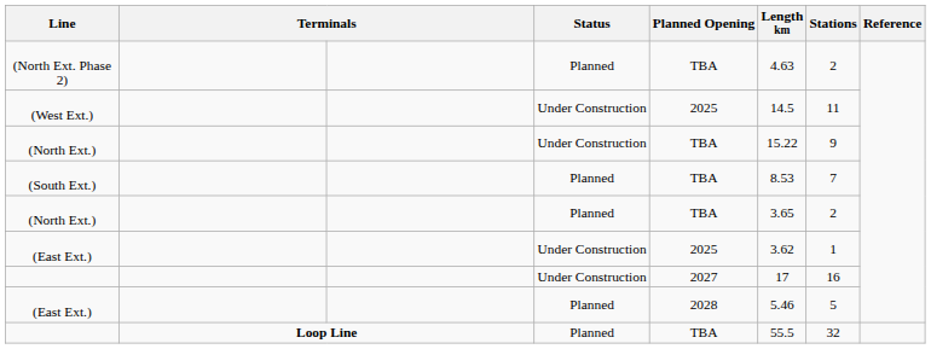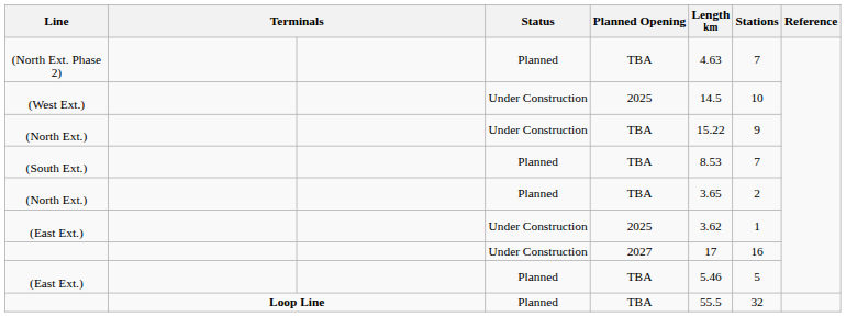 <table class="wikitable sortable" style="cell-padding:1.5; font-size:96%; text-align:center;">
 <tr>
 <th data-sort-type="text" style="width:120px;">Line</th>
 <th colspan="2" class="unsortable" style="width:450px; line-height:1.05">Terminals<br></th>
 <th>Status</th>
 <th>Planned Opening</th>
 <th style="line-height:1.05">Length<br><small>km</small></th>
 <th style="line-height:1.05">Stations</th>
 <th style="line-height:1.05">Reference</th>
 </tr>
 <tr>
 <td style="text-align:center; line-height:1.05"><br>(North Ext. Phase 2)</td>
 <td style="text-align:center; width:225px; line-height:1.05"><strong></strong></td>
 <td style="text-align:center; width:225px; line-height:1.05"><strong></strong></td>
 <td style="text-align:center; line-height:1.05">Planned</td>
 <td style="text-align:center; line-height:1.05">TBA</td>
 <td style="text-align:center; line-height:1.05">4.63</td>
-<td style="text-align:center; line-height:1.05">2</td>
+<td style="text-align:center; line-height:1.05">7</td>
 <td rowspan="8"></td>
 </tr>
 <tr>
 <td style="text-align:center; line-height:1.05"><br>(West Ext.)</td>
 <td style="text-align:center; width:225px; line-height:1.05"><strong></strong></td>
 <td style="text-align:center; width:225px; line-height:1.05"><strong></strong></td>
 <td style="text-align:center; line-height:1.05">Under Construction</td>
 <td style="text-align:center; line-height:1.05">2025</td>
 <td style="text-align:center; line-height:1.05">14.5</td>
-<td style="text-align:center; line-height:1.05">11</td>
+<td style="text-align:center; line-height:1.05">10</td>
 </tr>
 <tr>
 <td style="text-align:center; line-height:1.05"><br>(North Ext.)</td>
 <td style="text-align:center; width:225px; line-height:1.05"><strong></strong></td>
 <td style="text-align:center; width:225px; line-height:1.05"><strong></strong></td>
 <td style="text-align:center; line-height:1.05">Under Construction</td>
 <td style="text-align:center; line-height:1.05">TBA</td>
 <td style="text-align:center; line-height:1.05">15.22</td>
 <td style="text-align:center; line-height:1.05">9</td>
 </tr>
 <tr>
 <td style="text-align:center; line-height:1.05"><br>(South Ext.)</td>
 <td style="text-align:center; width:225px; line-height:1.05"><strong></strong></td>
 <td style="text-align:center; width:225px; line-height:1.05"><strong></strong></td>
 <td style="text-align:center; line-height:1.05">Planned</td>
 <td style="text-align:center; line-height:1.05">TBA</td>
 <td style="text-align:center; line-height:1.05">8.53</td>
 <td style="text-align:center; line-height:1.05">7</td>
 </tr>
 <tr>
 <td style="text-align:center; line-height:1.05"><br>(North Ext.)</td>
 <td style="text-align:center; width:225px; line-height:1.05"><strong></strong></td>
 <td style="text-align:center; width:225px; line-height:1.05"><strong></strong></td>
 <td style="text-align:center; line-height:1.05">Planned</td>
 <td style="text-align:center; line-height:1.05">TBA</td>
 <td style="text-align:center; line-height:1.05">3.65</td>
 <td style="text-align:center; line-height:1.05">2</td>
 </tr>
 <tr>
 <td style="text-align:center; line-height:1.05"><br>(East Ext.)</td>
 <td style="text-align:center; width:225px; line-height:1.05"><strong></strong></td>
 <td style="text-align:center; width:225px; line-height:1.05"><strong></strong></td>
 <td style="text-align:center; line-height:1.05">Under Construction</td>
 <td style="text-align:center; line-height:1.05">2025</td>
 <td style="text-align:center; line-height:1.05">3.62</td>
 <td style="text-align:center; line-height:1.05">1</td>
 </tr>
 <tr>
 <td style="text-align:center; line-height:1.05"></td>
 <td style="text-align:center; width:225px; line-height:1.05"><strong></strong></td>
 <td style="text-align:center; width:225px; line-height:1.05"><strong></strong></td>
 <td style="text-align:center; line-height:1.05">Under Construction</td>
 <td style="text-align:center; line-height:1.05">2027</td>
 <td style="text-align:center; line-height:1.05">17</td>
 <td style="text-align:center; line-height:1.05">16</td>
 </tr>
 <tr>
 <td style="text-align:center; line-height:1.05"><br>(East Ext.)</td>
 <td style="text-align:center; width:225px; line-height:1.05"><strong></strong></td>
 <td style="text-align:center; width:225px; line-height:1.05"><strong></strong></td>
 <td style="text-align:center; line-height:1.05">Planned</td>
-<td style="text-align:center; line-height:1.05">2028</td>
+<td style="text-align:center; line-height:1.05">TBA</td>
 <td style="text-align:center; line-height:1.05">5.46</td>
 <td style="text-align:center; line-height:1.05">5</td>
 </tr>
 <tr>
 <td style="text-align:center; line-height:1.05"></td>
 <td colspan="2"; style="text-align:center; width:225px; line-height:1.05"><strong>Loop Line</strong></td>
 <td style="text-align:center; line-height:1.05">Planned</td>
 <td style="text-align:center; line-height:1.05">TBA</td>
 <td style="text-align:center; line-height:1.05">55.5</td>
 <td style="text-align:center; line-height:1.05">32</td>
 <td></td>
 </tr>
 </table>
